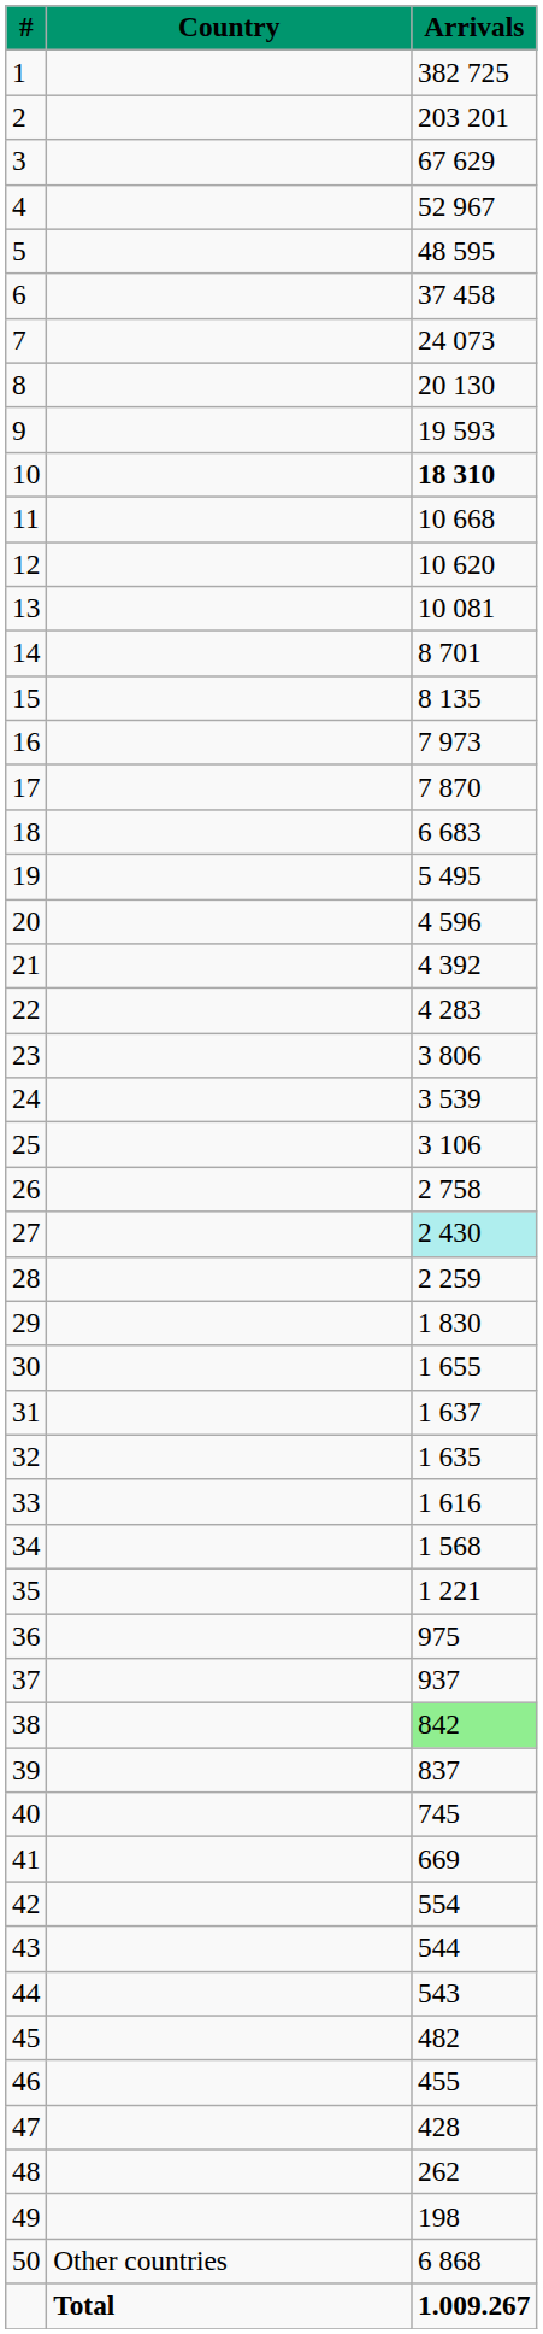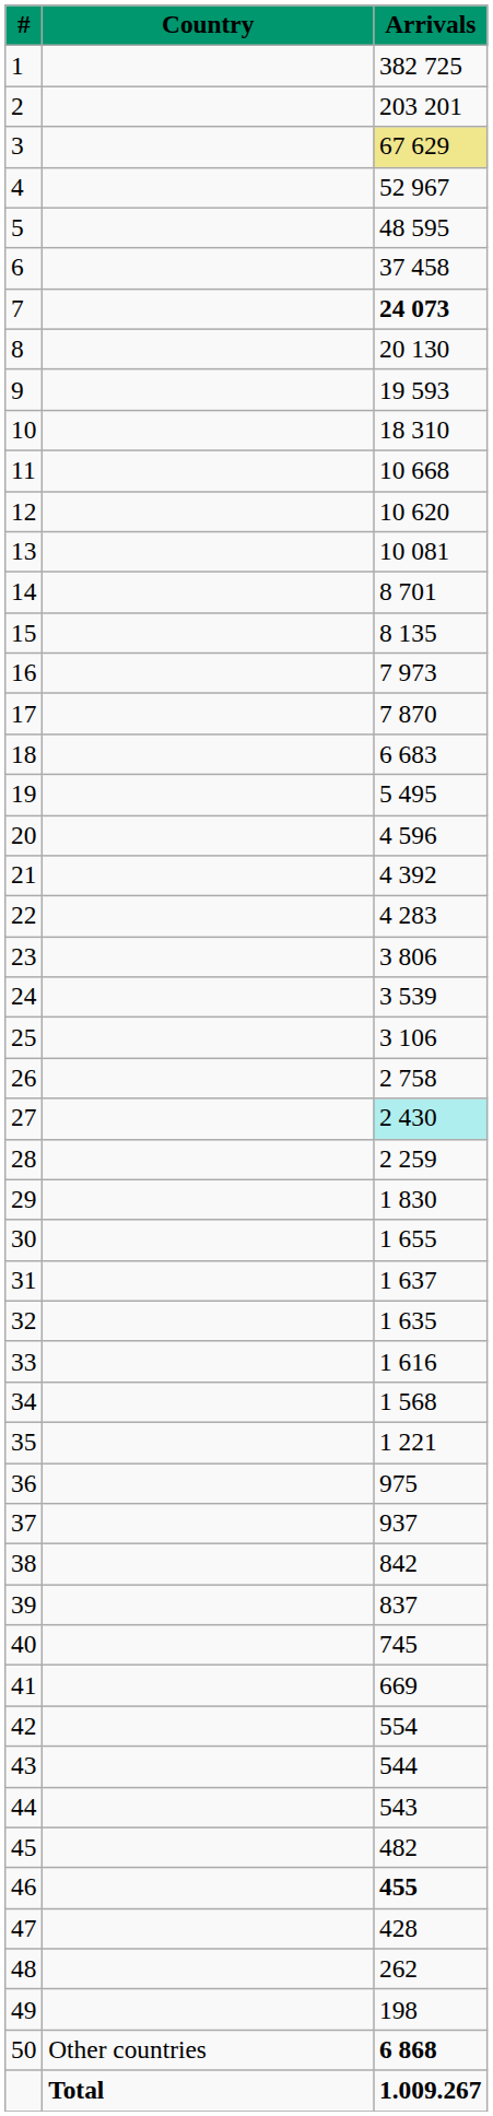 <table class="wikitable">
 <tr>
 <th style="width:5px; background:#00966E;">#</th>
 <th style="width:200px; background:#00966E;">Country</th>
 <th style="width:10px; background:#00966E;">Arrivals</th>
 </tr>
 <tr>
 <td>1</td>
 <td></td>
 <td>382 725</td>
 </tr>
 <tr>
 <td>2</td>
 <td></td>
 <td>203 201</td>
 </tr>
 <tr>
 <td>3</td>
 <td></td>
-<td>67 629</td>
+<td style="background: khaki;">67 629</td>
 </tr>
 <tr>
 <td>4</td>
 <td></td>
 <td>52 967</td>
 </tr>
 <tr>
 <td>5</td>
 <td></td>
 <td>48 595</td>
 </tr>
 <tr>
 <td>6</td>
 <td></td>
 <td>37 458</td>
 </tr>
 <tr>
 <td>7</td>
 <td></td>
-<td>24 073</td>
+<td><strong>24 073</strong></td>
 </tr>
 <tr>
 <td>8</td>
 <td></td>
 <td>20 130</td>
 </tr>
 <tr>
 <td>9</td>
 <td></td>
 <td>19 593</td>
 </tr>
 <tr>
 <td>10</td>
 <td></td>
-<td><strong>18 310</strong></td>
+<td>18 310</td>
 </tr>
 <tr>
 <td>11</td>
 <td></td>
 <td>10 668</td>
 </tr>
 <tr>
 <td>12</td>
 <td></td>
 <td>10 620</td>
 </tr>
 <tr>
 <td>13</td>
 <td></td>
 <td>10 081</td>
 </tr>
 <tr>
 <td>14</td>
 <td></td>
 <td>8 701</td>
 </tr>
 <tr>
 <td>15</td>
 <td></td>
 <td>8 135</td>
 </tr>
 <tr>
 <td>16</td>
 <td></td>
 <td>7 973</td>
 </tr>
 <tr>
 <td>17</td>
 <td></td>
 <td>7 870</td>
 </tr>
 <tr>
 <td>18</td>
 <td></td>
 <td>6 683</td>
 </tr>
 <tr>
 <td>19</td>
 <td></td>
 <td>5 495</td>
 </tr>
 <tr>
 <td>20</td>
 <td></td>
 <td>4 596</td>
 </tr>
 <tr>
 <td>21</td>
 <td></td>
 <td>4 392</td>
 </tr>
 <tr>
 <td>22</td>
 <td></td>
 <td>4 283</td>
 </tr>
 <tr>
 <td>23</td>
 <td></td>
 <td>3 806</td>
 </tr>
 <tr>
 <td>24</td>
 <td></td>
 <td>3 539</td>
 </tr>
 <tr>
 <td>25</td>
 <td></td>
 <td>3 106</td>
 </tr>
 <tr>
 <td>26</td>
 <td></td>
 <td>2 758</td>
 </tr>
 <tr>
 <td>27</td>
 <td></td>
 <td style="background: paleturquoise;">2 430</td>
 </tr>
 <tr>
 <td>28</td>
 <td></td>
 <td>2 259</td>
 </tr>
 <tr>
 <td>29</td>
 <td></td>
 <td>1 830</td>
 </tr>
 <tr>
 <td>30</td>
 <td></td>
 <td>1 655</td>
 </tr>
 <tr>
 <td>31</td>
 <td></td>
 <td>1 637</td>
 </tr>
 <tr>
 <td>32</td>
 <td></td>
 <td>1 635</td>
 </tr>
 <tr>
 <td>33</td>
 <td></td>
 <td>1 616</td>
 </tr>
 <tr>
 <td>34</td>
 <td></td>
 <td>1 568</td>
 </tr>
 <tr>
 <td>35</td>
 <td></td>
 <td>1 221</td>
 </tr>
 <tr>
 <td>36</td>
 <td></td>
 <td>975</td>
 </tr>
 <tr>
 <td>37</td>
 <td></td>
 <td>937</td>
 </tr>
 <tr>
 <td>38</td>
 <td></td>
-<td style="background: lightgreen;">842</td>
+<td>842</td>
 </tr>
 <tr>
 <td>39</td>
 <td></td>
 <td>837</td>
 </tr>
 <tr>
 <td>40</td>
 <td></td>
 <td>745</td>
 </tr>
 <tr>
 <td>41</td>
 <td></td>
 <td>669</td>
 </tr>
 <tr>
 <td>42</td>
 <td></td>
 <td>554</td>
 </tr>
 <tr>
 <td>43</td>
 <td></td>
 <td>544</td>
 </tr>
 <tr>
 <td>44</td>
 <td></td>
 <td>543</td>
 </tr>
 <tr>
 <td>45</td>
 <td></td>
 <td>482</td>
 </tr>
 <tr>
 <td>46</td>
 <td></td>
-<td>455</td>
+<td><strong>455</strong></td>
 </tr>
 <tr>
 <td>47</td>
 <td></td>
 <td>428</td>
 </tr>
 <tr>
 <td>48</td>
 <td></td>
 <td>262</td>
 </tr>
 <tr>
 <td>49</td>
 <td></td>
 <td>198</td>
 </tr>
 <tr>
 <td>50</td>
 <td>Other countries</td>
-<td>6 868</td>
+<td><strong>6 868</strong></td>
 </tr>
 <tr>
 <td></td>
 <td><strong>Total </strong></td>
 <td><strong>1.009.267</strong></td>
 </tr>
 </table>
